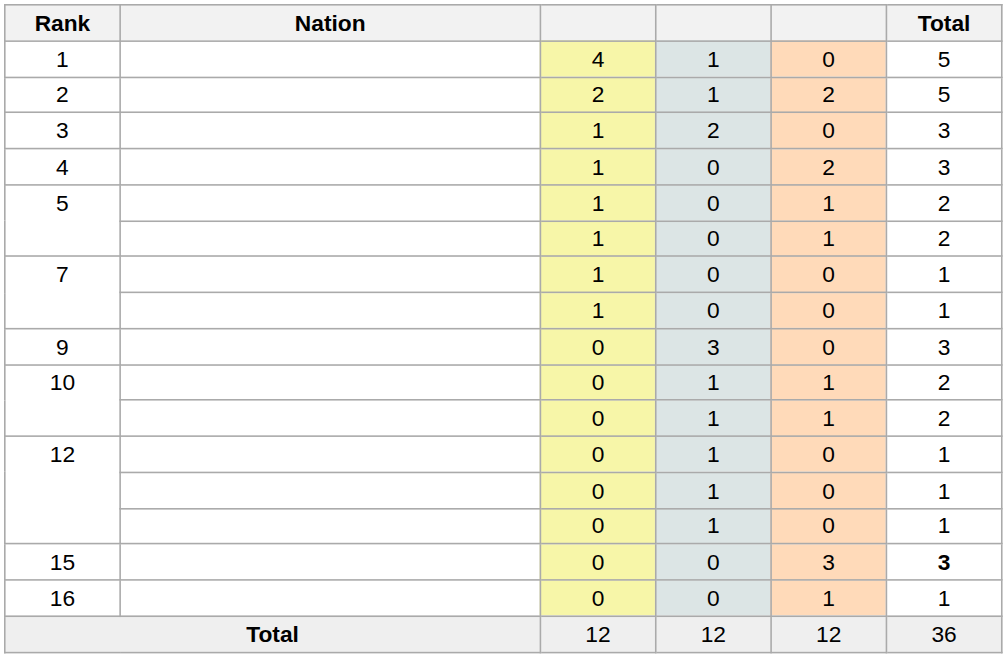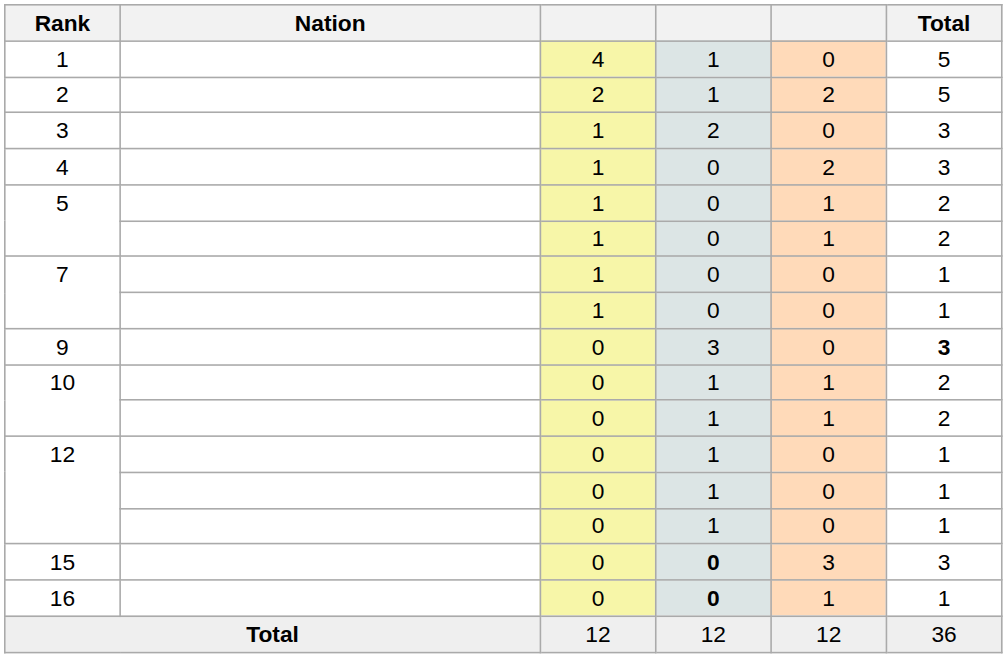 <table class=wikitable width=50% cellspacing="1" cellpadding="3" style="border:1px solid #AAAAAA;font-size:90%">
 <tr bgcolor="#EFEFEF">
 <th width=50>Rank</th>
 <th width=200>Nation</th>
 <th width=50></th>
 <th width=50></th>
 <th width=50></th>
 <th width=50>Total</th>
 </tr>
 <tr align="center" valign="top" bgcolor="#FFFFFF">
 <td rowspan="1" valign="center">1</td>
 <td align="left"></td>
 <td style="background:#F7F6A8;">4</td>
 <td style="background:#DCE5E5;">1</td>
 <td style="background:#FFDAB9;">0</td>
 <td>5</td>
 </tr>
 <tr align="center" valign="top" bgcolor="#FFFFFF">
 <td rowspan="1" valign="center">2</td>
 <td align="left"></td>
 <td style="background:#F7F6A8;">2</td>
 <td style="background:#DCE5E5;">1</td>
 <td style="background:#FFDAB9;">2</td>
 <td>5</td>
 </tr>
 <tr align="center" valign="top" bgcolor="#FFFFFF">
 <td rowspan="1" valign="center">3</td>
 <td align="left"></td>
 <td style="background:#F7F6A8;">1</td>
 <td style="background:#DCE5E5;">2</td>
 <td style="background:#FFDAB9;">0</td>
 <td>3</td>
 </tr>
 <tr align="center" valign="top" bgcolor="#FFFFFF">
 <td rowspan="1" valign="center">4</td>
 <td align="left"></td>
 <td style="background:#F7F6A8;">1</td>
 <td style="background:#DCE5E5;">0</td>
 <td style="background:#FFDAB9;">2</td>
 <td>3</td>
 </tr>
 <tr align="center" valign="top" bgcolor="#FFFFFF">
 <td rowspan="2" valign="center">5</td>
 <td align="left"></td>
 <td style="background:#F7F6A8;">1</td>
 <td style="background:#DCE5E5;">0</td>
 <td style="background:#FFDAB9;">1</td>
 <td>2</td>
 </tr>
 <tr align="center" valign="top" bgcolor="#FFFFFF">
 <td align="left"></td>
 <td style="background:#F7F6A8;">1</td>
 <td style="background:#DCE5E5;">0</td>
 <td style="background:#FFDAB9;">1</td>
 <td>2</td>
 </tr>
 <tr align="center" valign="top" bgcolor="#FFFFFF">
 <td rowspan="2" valign="center">7</td>
 <td align="left"></td>
 <td style="background:#F7F6A8;">1</td>
 <td style="background:#DCE5E5;">0</td>
 <td style="background:#FFDAB9;">0</td>
 <td>1</td>
 </tr>
 <tr align="center" valign="top" bgcolor="#FFFFFF">
 <td align="left"></td>
 <td style="background:#F7F6A8;">1</td>
 <td style="background:#DCE5E5;">0</td>
 <td style="background:#FFDAB9;">0</td>
 <td>1</td>
 </tr>
 <tr align="center" valign="top" bgcolor="#FFFFFF">
 <td rowspan="1" valign="center">9</td>
 <td align="left"></td>
 <td style="background:#F7F6A8;">0</td>
 <td style="background:#DCE5E5;">3</td>
 <td style="background:#FFDAB9;">0</td>
-<td>3</td>
+<td><strong>3</strong></td>
 </tr>
 <tr align="center" valign="top" bgcolor="#FFFFFF">
 <td rowspan="2" valign="center">10</td>
 <td align="left"></td>
 <td style="background:#F7F6A8;">0</td>
 <td style="background:#DCE5E5;">1</td>
 <td style="background:#FFDAB9;">1</td>
 <td>2</td>
 </tr>
 <tr align="center" valign="top" bgcolor="#FFFFFF">
 <td align="left"></td>
 <td style="background:#F7F6A8;">0</td>
 <td style="background:#DCE5E5;">1</td>
 <td style="background:#FFDAB9;">1</td>
 <td>2</td>
 </tr>
 <tr align="center" valign="top" bgcolor="#FFFFFF">
 <td rowspan="3" valign="center">12</td>
 <td align="left"></td>
 <td style="background:#F7F6A8;">0</td>
 <td style="background:#DCE5E5;">1</td>
 <td style="background:#FFDAB9;">0</td>
 <td>1</td>
 </tr>
 <tr align="center" valign="top" bgcolor="#FFFFFF">
 <td align="left"></td>
 <td style="background:#F7F6A8;">0</td>
 <td style="background:#DCE5E5;">1</td>
 <td style="background:#FFDAB9;">0</td>
 <td>1</td>
 </tr>
 <tr align="center" valign="top" bgcolor="#FFFFFF">
 <td align="left"></td>
 <td style="background:#F7F6A8;">0</td>
 <td style="background:#DCE5E5;">1</td>
 <td style="background:#FFDAB9;">0</td>
 <td>1</td>
 </tr>
 <tr align="center" valign="top" bgcolor="#FFFFFF">
 <td rowspan="1" valign="center">15</td>
 <td align="left"></td>
 <td style="background:#F7F6A8;">0</td>
-<td style="background:#DCE5E5;">0</td>
+<td style="background:#DCE5E5;"><strong>0</strong></td>
 <td style="background:#FFDAB9;">3</td>
-<td><strong>3</strong></td>
+<td>3</td>
 </tr>
 <tr align="center" valign="top" bgcolor="#FFFFFF">
 <td rowspan="1" valign="center">16</td>
 <td align="left"></td>
 <td style="background:#F7F6A8;">0</td>
-<td style="background:#DCE5E5;">0</td>
+<td style="background:#DCE5E5;"><strong>0</strong></td>
 <td style="background:#FFDAB9;">1</td>
 <td>1</td>
 </tr>
 <tr align="center" valign="top" bgcolor="#EFEFEF">
 <td colspan="2" rowspan="1" valign="center"><strong>Total</strong></td>
 <td>12</td>
 <td>12</td>
 <td>12</td>
 <td>36</td>
 </tr>
 </table>
